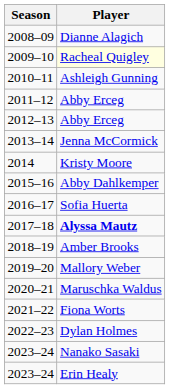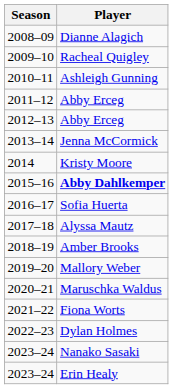 <table class="wikitable">
 <tr>
 <th>Season</th>
 <th>Player</th>
 </tr>
 <tr>
 <td>2008–09</td>
 <td> <a href='#'>Dianne Alagich</a></td>
 </tr>
 <tr>
 <td>2009–10</td>
-<td style="background: lightyellow;"> <a href='#'>Racheal Quigley</a></td>
+<td> <a href='#'>Racheal Quigley</a></td>
 </tr>
 <tr>
 <td>2010–11</td>
 <td> <a href='#'>Ashleigh Gunning</a></td>
 </tr>
 <tr>
 <td>2011–12</td>
 <td> <a href='#'>Abby Erceg</a></td>
 </tr>
 <tr>
 <td>2012–13</td>
 <td> <a href='#'>Abby Erceg</a></td>
 </tr>
 <tr>
 <td>2013–14</td>
 <td> <a href='#'>Jenna McCormick</a></td>
 </tr>
 <tr>
 <td>2014</td>
 <td> <a href='#'>Kristy Moore</a></td>
 </tr>
 <tr>
 <td>2015–16</td>
-<td> <a href='#'>Abby Dahlkemper</a></td>
+<td><strong> <a href='#'>Abby Dahlkemper</a></strong></td>
 </tr>
 <tr>
 <td>2016–17</td>
 <td> <a href='#'>Sofia Huerta</a></td>
 </tr>
 <tr>
 <td>2017–18</td>
-<td><strong> <a href='#'>Alyssa Mautz</a></strong></td>
+<td> <a href='#'>Alyssa Mautz</a></td>
 </tr>
 <tr>
 <td>2018–19</td>
 <td> <a href='#'>Amber Brooks</a></td>
 </tr>
 <tr>
 <td>2019–20</td>
 <td> <a href='#'>Mallory Weber</a></td>
 </tr>
 <tr>
 <td>2020–21</td>
 <td> <a href='#'>Maruschka Waldus</a></td>
 </tr>
 <tr>
 <td>2021–22</td>
 <td> <a href='#'>Fiona Worts</a></td>
 </tr>
 <tr>
 <td>2022–23</td>
 <td> <a href='#'>Dylan Holmes</a></td>
 </tr>
 <tr>
 <td>2023–24</td>
 <td> <a href='#'>Nanako Sasaki</a></td>
 </tr>
 <tr>
 <td>2023–24</td>
 <td> <a href='#'>Erin Healy</a></td>
 </tr>
 </table>
